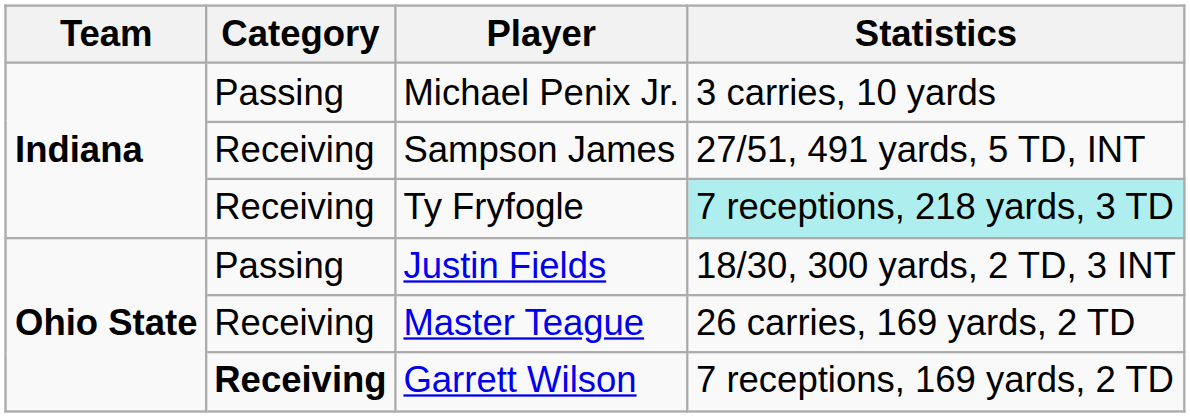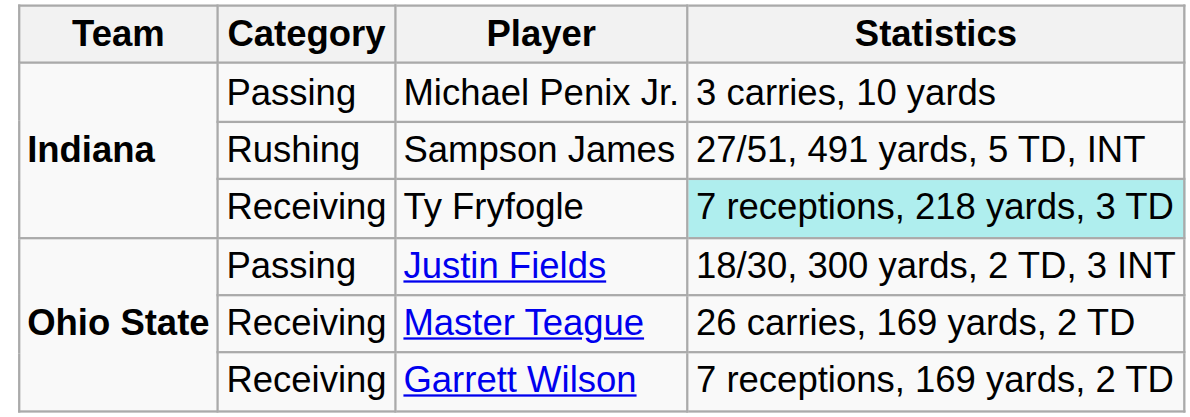 <table class="wikitable" style="float: right;">
 <tr>
 <th>Team</th>
 <th>Category</th>
 <th>Player</th>
 <th>Statistics</th>
 </tr>
 <tr>
 <td rowspan=3><strong>Indiana</strong></td>
 <td>Passing</td>
 <td>Michael Penix Jr.</td>
 <td>3 carries, 10 yards</td>
 </tr>
 <tr>
-<td>Receiving</td>
+<td>Rushing</td>
 <td>Sampson James</td>
 <td>27/51, 491 yards, 5 TD, INT</td>
 </tr>
 <tr>
 <td>Receiving</td>
 <td>Ty Fryfogle</td>
 <td style="background: paleturquoise;">7 receptions, 218 yards, 3 TD</td>
 </tr>
 <tr>
 <td rowspan=3><strong>Ohio State</strong></td>
 <td>Passing</td>
 <td><a href='#'>Justin Fields</a></td>
 <td>18/30, 300 yards, 2 TD, 3 INT</td>
 </tr>
 <tr>
 <td>Receiving</td>
 <td><a href='#'>Master Teague</a></td>
 <td>26 carries, 169 yards, 2 TD</td>
 </tr>
 <tr>
-<td><strong>Receiving</strong></td>
+<td>Receiving</td>
 <td><a href='#'>Garrett Wilson</a></td>
 <td>7 receptions, 169 yards, 2 TD</td>
 </tr>
 </table>
